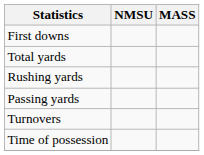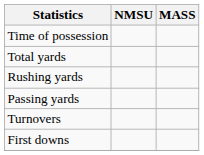 <table class="wikitable" style="float: left;">
 <tr>
 <th>Statistics</th>
 <th>NMSU</th>
 <th>MASS</th>
 </tr>
 <tr>
-<td>First downs</td>
+<td>Time of possession</td>
 <td></td>
 <td></td>
 </tr>
 <tr>
 <td>Total yards</td>
 <td></td>
 <td></td>
 </tr>
 <tr>
 <td>Rushing yards</td>
 <td></td>
 <td></td>
 </tr>
 <tr>
 <td>Passing yards</td>
 <td></td>
 <td></td>
 </tr>
 <tr>
 <td>Turnovers</td>
 <td></td>
 <td></td>
 </tr>
 <tr>
-<td>Time of possession</td>
+<td>First downs</td>
 <td></td>
 <td></td>
 </tr>
 <tr>
 </tr>
 </table>
